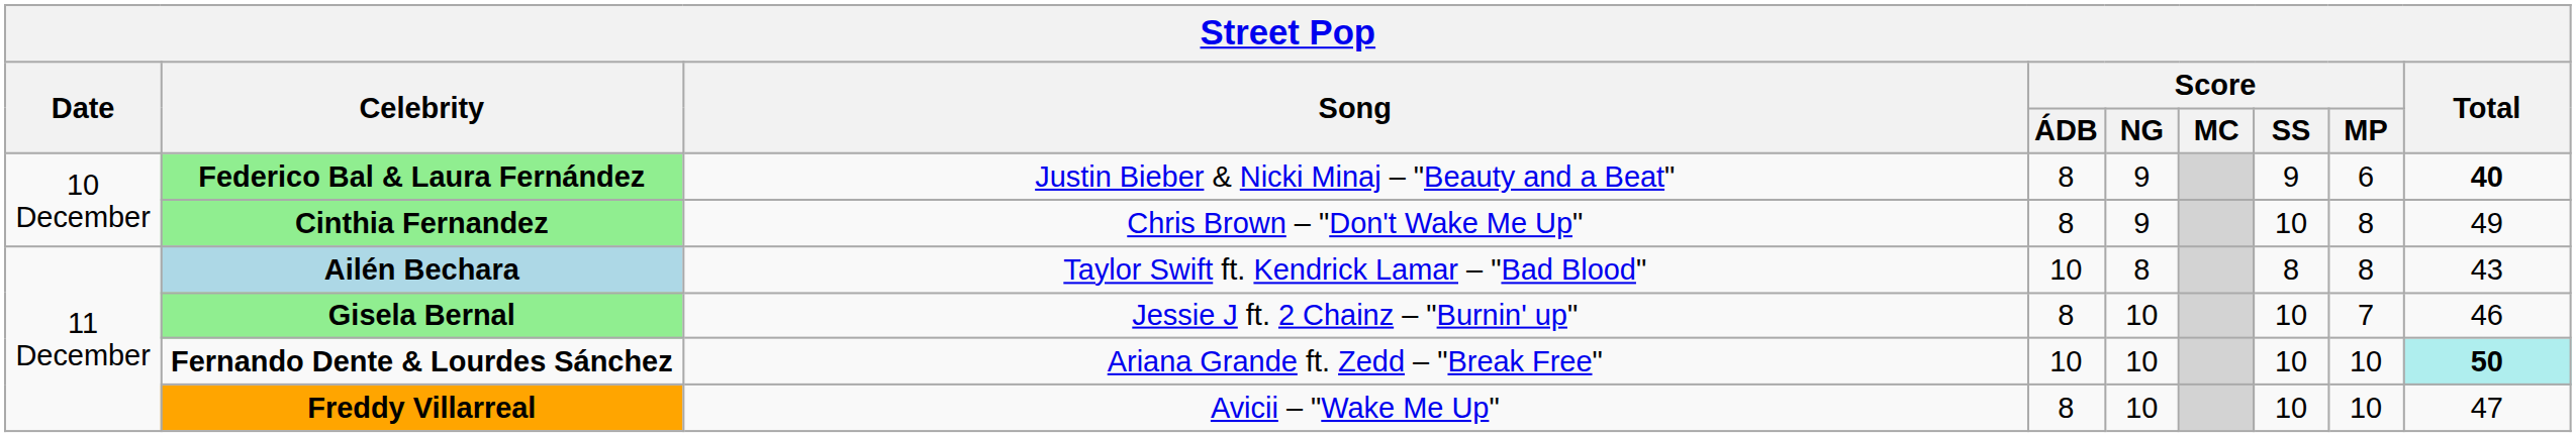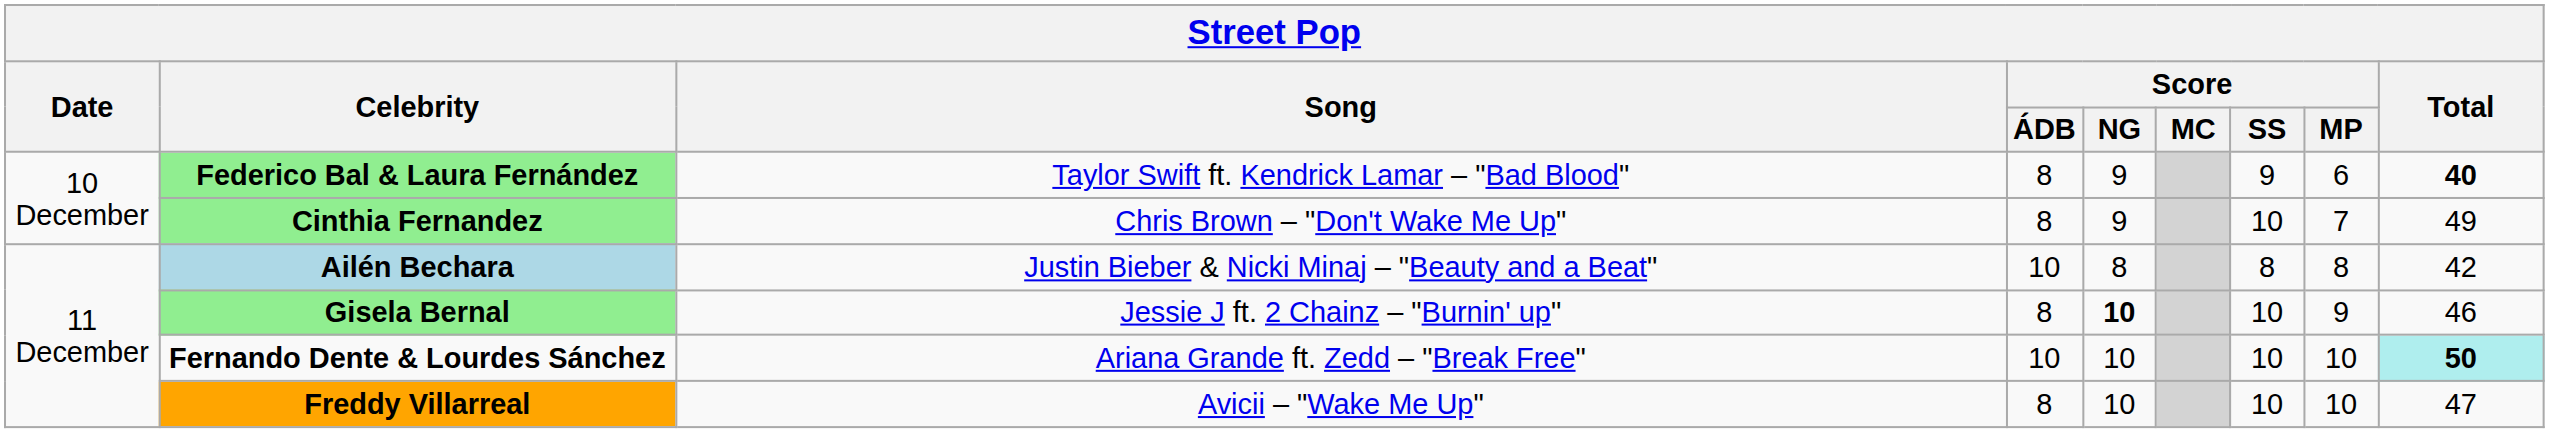 <table class="wikitable collapsible collapsed" style="font-size:90%; text-align: center; width: 100%;">
 <tr>
 <th colspan="11" style="with: 95%;" align=center><big><a href='#'>Street Pop</a></big></th>
 </tr>
 <tr>
 <th width=70 rowspan="2">Date</th>
 <th width=250 rowspan="2">Celebrity</th>
 <th rowspan="2">Song</th>
 <th colspan="5">Score</th>
 <th rowspan="2">Total</th>
 </tr>
 <tr>
 <th width=30>ÁDB</th>
 <th width=30>NG</th>
 <th width=30>MC</th>
 <th width=30>SS</th>
 <th width=30>MP</th>
 </tr>
 <tr>
 <td rowspan=2>10 December</td>
 <td style="background:lightgreen;"><strong>Federico Bal & Laura Fernández</strong></td>
-<td><a href='#'>Justin Bieber</a> & <a href='#'>Nicki Minaj</a> – "<a href='#'>Beauty and a Beat</a>"</td>
+<td><a href='#'>Taylor Swift</a> ft. <a href='#'>Kendrick Lamar</a> – "<a href='#'>Bad Blood</a>"</td>
 <td>8</td>
 <td>9</td>
 <td bgcolor="lightgray"></td>
 <td>9</td>
 <td>6</td>
 <td><span><strong>40</strong></span></td>
 </tr>
 <tr>
 <td style="background:lightgreen;"><strong>Cinthia Fernandez</strong></td>
 <td><a href='#'>Chris Brown</a> – "<a href='#'>Don't Wake Me Up</a>"</td>
 <td>8</td>
 <td>9</td>
 <td bgcolor="lightgray"></td>
 <td>10</td>
-<td>8</td>
+<td>7</td>
 <td>49</td>
 </tr>
 <tr>
 <td rowspan="4">11 December</td>
 <td style="background:lightblue;"><strong>Ailén Bechara</strong></td>
-<td><a href='#'>Taylor Swift</a> ft. <a href='#'>Kendrick Lamar</a> – "<a href='#'>Bad Blood</a>"</td>
+<td><a href='#'>Justin Bieber</a> & <a href='#'>Nicki Minaj</a> – "<a href='#'>Beauty and a Beat</a>"</td>
 <td>10</td>
 <td>8</td>
 <td bgcolor="lightgray"></td>
 <td>8</td>
 <td>8</td>
-<td>43</td>
+<td>42</td>
 </tr>
 <tr>
 <td style="background:lightgreen;"><strong>Gisela Bernal</strong></td>
 <td><a href='#'>Jessie J</a> ft. <a href='#'>2 Chainz</a> – "<a href='#'>Burnin' up</a>"</td>
 <td>8</td>
-<td>10</td>
+<td><strong>10</strong></td>
 <td bgcolor="lightgray"></td>
 <td>10</td>
-<td>7</td>
+<td>9</td>
 <td>46</td>
 </tr>
 <tr>
 <td><strong>Fernando Dente & Lourdes Sánchez</strong></td>
 <td><a href='#'>Ariana Grande</a> ft. <a href='#'>Zedd</a> – "<a href='#'>Break Free</a>"</td>
 <td>10</td>
 <td>10</td>
 <td bgcolor="lightgray"></td>
 <td>10</td>
 <td>10</td>
 <td style="background: paleturquoise;"><span><strong>50</strong></span></td>
 </tr>
 <tr>
 <td style="background:Orange;"><strong>Freddy Villarreal</strong></td>
 <td><a href='#'>Avicii</a> – "<a href='#'>Wake Me Up</a>"</td>
 <td>8</td>
 <td>10</td>
 <td bgcolor="lightgray"></td>
 <td>10</td>
 <td>10</td>
 <td>47</td>
 </tr>
 </table>
